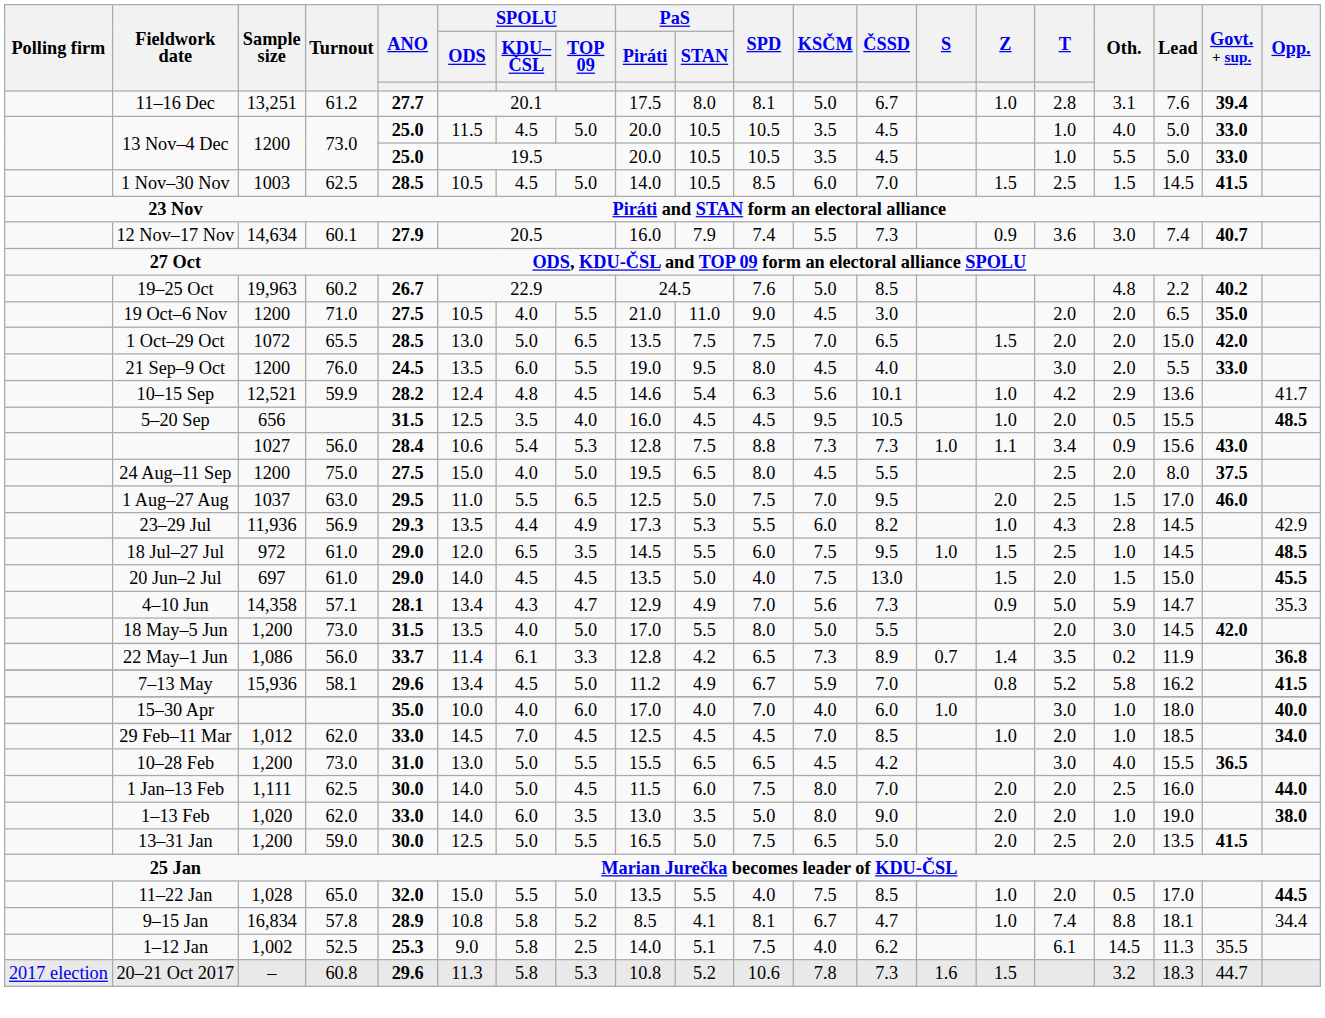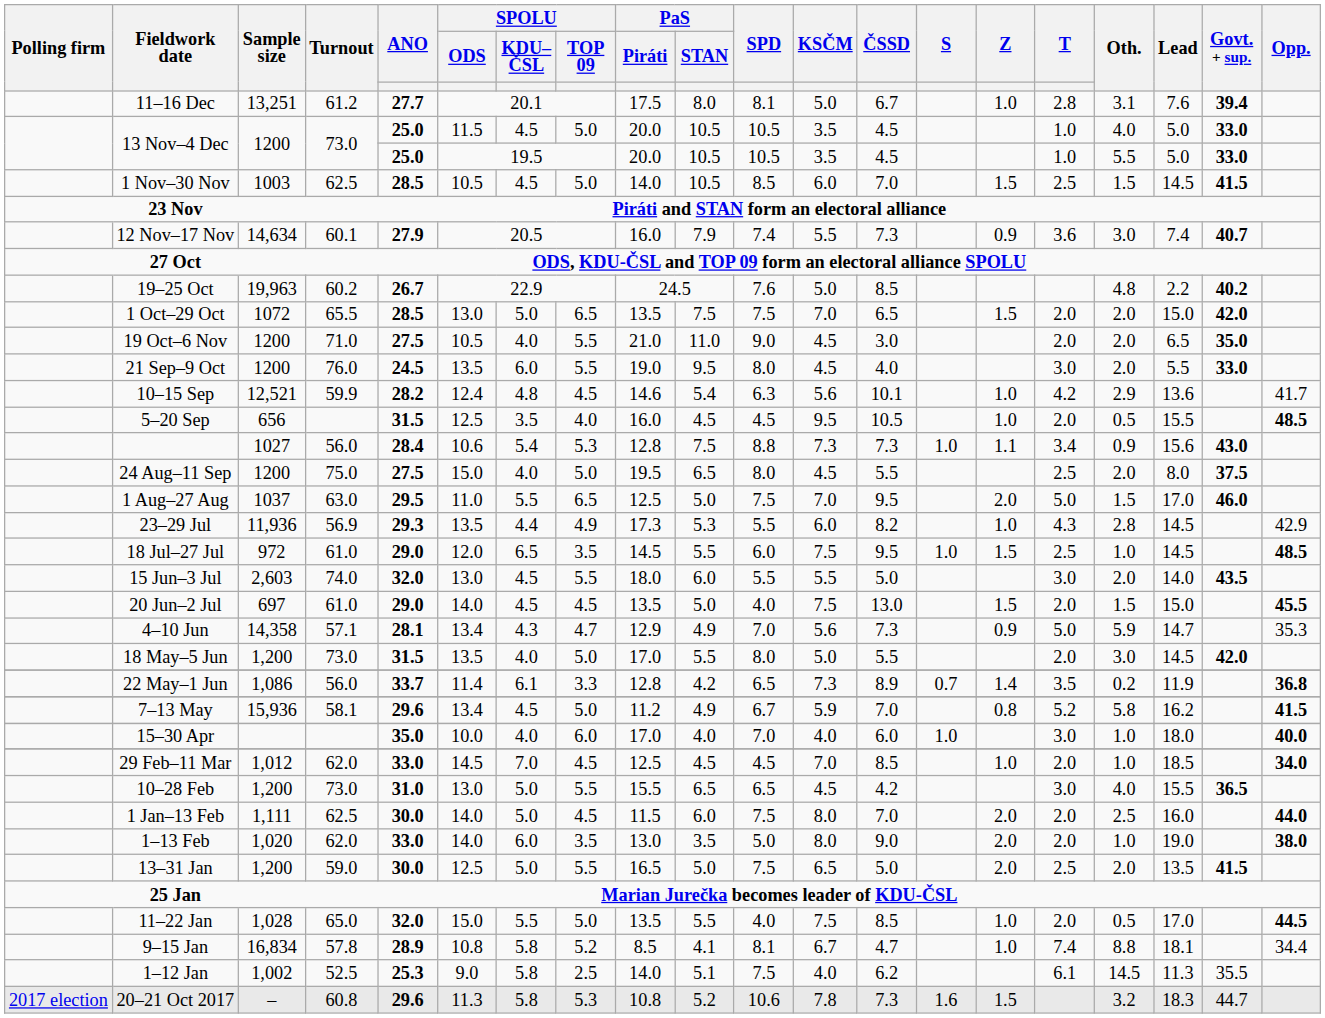 <table class="wikitable mw-collapsible sortable mw-collapsed" style="text-align:center;font-size:90%;line-height:14px;">
 <tr>
 <th rowspan="3">Polling firm</th>
 <th rowspan="3">Fieldwork<br>date</th>
 <th rowspan="3">Sample<br>size</th>
 <th rowspan="3">Turnout</th>
 <th rowspan="2" class="unsortable" style="width:40px;"><a href='#'>ANO</a></th>
 <th colspan="3" class="unsortable" style="width:40px;"><a href='#'>SPOLU</a></th>
 <th colspan="2" class="unsortable" style="width:40px;"><a href='#'>PaS</a></th>
 <th rowspan="2" class="unsortable" style="width:40px;"><a href='#'>SPD</a></th>
 <th rowspan="2" class="unsortable" style="width:40px;"><a href='#'>KSČM</a></th>
 <th rowspan="2" class="unsortable" style="width:40px;"><a href='#'>ČSSD</a></th>
 <th rowspan="2" class="unsortable" style="width:40px;"><a href='#'>S</a></th>
 <th rowspan="2" class="unsortable" style="width:40px;"><a href='#'>Z</a></th>
 <th rowspan="2" class="unsortable" style="width:40px;"><a href='#'>T</a></th>
 <th rowspan="3" style="width:40px;">Oth.</th>
 <th rowspan="3" style="width:25px;">Lead</th>
 <th rowspan="3" style="width:40px;"><a href='#'>Govt.</a><br><small>+ <a href='#'>sup.</a></small></th>
 <th rowspan="3" style="width:40px;"><a href='#'>Opp.</a></th>
 </tr>
 <tr style="height:40px;">
 <th class="unsortable" style="width:40px;"><a href='#'>ODS</a></th>
 <th class="unsortable" style="width:40px;"><a href='#'>KDU–<br>ČSL</a></th>
 <th class="unsortable" style="width:40px;"><a href='#'>TOP 09</a></th>
 <th class="unsortable" style="width:40px;"><a href='#'>Piráti</a></th>
 <th class="unsortable" style="width:40px;"><a href='#'>STAN</a></th>
 </tr>
 <tr>
 <th class="unsortable" style="color:inherit;background:"></th>
 <th class="unsortable" style="color:inherit;background:"></th>
 <th class="unsortable" style="color:inherit;background:"></th>
 <th class="unsortable" style="color:inherit;background:"></th>
 <th class="unsortable" style="color:inherit;background:"></th>
 <th class="unsortable" style="color:inherit;background:"></th>
 <th class="unsortable" style="color:inherit;background:"></th>
 <th class="unsortable" style="color:inherit;background:"></th>
 <th class="unsortable" style="color:inherit;background:"></th>
 <th class="unsortable" style="color:inherit;background:"></th>
 <th class="unsortable" style="color:inherit;background:"></th>
 <th class="unsortable" style="color:inherit;background:"></th>
 </tr>
 <tr>
 <td></td>
 <td data-sort-value="2020-12-11">11–16 Dec</td>
 <td>13,251</td>
 <td>61.2</td>
 <td><strong>27.7</strong></td>
 <td colspan="3">20.1</td>
 <td>17.5</td>
 <td>8.0</td>
 <td>8.1</td>
 <td>5.0</td>
 <td>6.7</td>
 <td></td>
 <td>1.0</td>
 <td>2.8</td>
 <td>3.1</td>
 <td style="background:">7.6</td>
 <td><strong>39.4</strong></td>
 <td></td>
 </tr>
 <tr>
 <td rowspan="2"></td>
 <td rowspan="2" data-sort-value="2020-10-28">13 Nov–4 Dec</td>
 <td rowspan="2">1200</td>
 <td rowspan="2">73.0</td>
 <td><strong>25.0</strong></td>
 <td>11.5</td>
 <td>4.5</td>
 <td>5.0</td>
 <td>20.0</td>
 <td>10.5</td>
 <td>10.5</td>
 <td>3.5</td>
 <td>4.5</td>
 <td></td>
 <td></td>
 <td>1.0</td>
 <td>4.0</td>
 <td style="background:">5.0</td>
 <td><strong>33.0</strong></td>
 <td></td>
 </tr>
 <tr>
 <td><strong>25.0</strong></td>
 <td colspan="3">19.5</td>
 <td>20.0</td>
 <td>10.5</td>
 <td>10.5</td>
 <td>3.5</td>
 <td>4.5</td>
 <td></td>
 <td></td>
 <td>1.0</td>
 <td>5.5</td>
 <td style="background:">5.0</td>
 <td><strong>33.0</strong></td>
 <td></td>
 </tr>
 <tr>
 <td></td>
 <td data-sort-value="2020-11-15">1 Nov–30 Nov</td>
 <td>1003</td>
 <td>62.5</td>
 <td><strong>28.5</strong></td>
 <td>10.5</td>
 <td>4.5</td>
 <td>5.0</td>
 <td>14.0</td>
 <td>10.5</td>
 <td>8.5</td>
 <td>6.0</td>
 <td>7.0</td>
 <td></td>
 <td>1.5</td>
 <td>2.5</td>
 <td>1.5</td>
 <td style="background:">14.5</td>
 <td><strong>41.5</strong></td>
 <td></td>
 </tr>
 <tr>
 <td style="border-right-style:hidden;"></td>
 <td style="border-right-style:hidden;" data-sort-value="2020-10-27"><strong>23 Nov</strong></td>
 <td colspan="18"><strong><a href='#'>Piráti</a> and <a href='#'>STAN</a> form an electoral alliance</strong></td>
 </tr>
 <tr>
 <td></td>
 <td data-sort-value="2020-11-14">12 Nov–17 Nov</td>
 <td>14,634</td>
 <td>60.1</td>
 <td><strong>27.9</strong></td>
 <td colspan="3">20.5</td>
 <td>16.0</td>
 <td>7.9</td>
 <td>7.4</td>
 <td>5.5</td>
 <td>7.3</td>
 <td></td>
 <td>0.9</td>
 <td>3.6</td>
 <td>3.0</td>
 <td style="background:">7.4</td>
 <td><strong>40.7</strong></td>
 <td></td>
 </tr>
 <tr>
 <td style="border-right-style:hidden;"></td>
 <td style="border-right-style:hidden;" data-sort-value="2020-10-27"><strong>27 Oct</strong></td>
 <td colspan="18"><strong><a href='#'>ODS</a>, <a href='#'>KDU-ČSL</a> and <a href='#'>TOP 09</a> form an electoral alliance <a href='#'>SPOLU</a></strong></td>
 </tr>
 <tr>
 <td></td>
 <td data-sort-value="2020-10-28">19–25 Oct</td>
 <td>19,963</td>
 <td>60.2</td>
 <td><strong>26.7</strong></td>
 <td colspan="3">22.9</td>
 <td colspan="2">24.5</td>
 <td>7.6</td>
 <td>5.0</td>
 <td>8.5</td>
 <td></td>
 <td></td>
 <td></td>
 <td>4.8</td>
 <td style="background:">2.2</td>
 <td><strong>40.2</strong></td>
 <td></td>
 </tr>
 <tr>
 <td></td>
+<td data-sort-value="2020-10-15">1 Oct–29 Oct</td>
+<td>1072</td>
+<td>65.5</td>
+<td><strong>28.5</strong></td>
+<td>13.0</td>
+<td>5.0</td>
+<td>6.5</td>
+<td>13.5</td>
+<td>7.5</td>
+<td>7.5</td>
+<td>7.0</td>
+<td>6.5</td>
+<td></td>
+<td>1.5</td>
+<td>2.0</td>
+<td>2.0</td>
+<td style="background:">15.0</td>
+<td><strong>42.0</strong></td>
+<td></td>
+</tr>
+<tr>
+<td></td>
 <td data-sort-value="2020-10-28">19 Oct–6 Nov</td>
 <td>1200</td>
 <td>71.0</td>
 <td><strong>27.5</strong></td>
 <td>10.5</td>
 <td>4.0</td>
 <td>5.5</td>
 <td>21.0</td>
 <td>11.0</td>
 <td>9.0</td>
 <td>4.5</td>
 <td>3.0</td>
 <td></td>
 <td></td>
 <td>2.0</td>
 <td>2.0</td>
 <td style="background:">6.5</td>
 <td><strong>35.0</strong></td>
-<td></td>
-</tr>
-<tr>
-<td></td>
-<td data-sort-value="2020-10-15">1 Oct–29 Oct</td>
-<td>1072</td>
-<td>65.5</td>
-<td><strong>28.5</strong></td>
-<td>13.0</td>
-<td>5.0</td>
-<td>6.5</td>
-<td>13.5</td>
-<td>7.5</td>
-<td>7.5</td>
-<td>7.0</td>
-<td>6.5</td>
-<td></td>
-<td>1.5</td>
-<td>2.0</td>
-<td>2.0</td>
-<td style="background:">15.0</td>
-<td><strong>42.0</strong></td>
 <td></td>
 </tr>
 <tr>
 <td></td>
 <td data-sort-value="2020-09-2">21 Sep–9 Oct</td>
 <td>1200</td>
 <td>76.0</td>
 <td><strong>24.5</strong></td>
 <td>13.5</td>
 <td>6.0</td>
 <td>5.5</td>
 <td>19.0</td>
 <td>9.5</td>
 <td>8.0</td>
 <td>4.5</td>
 <td>4.0</td>
 <td></td>
 <td></td>
 <td>3.0</td>
 <td>2.0</td>
 <td style="background:">5.5</td>
 <td><strong>33.0</strong></td>
 <td></td>
 </tr>
 <tr>
 <td></td>
 <td data-sort-value="2020-01-12">10–15 Sep</td>
 <td>12,521</td>
 <td>59.9</td>
 <td><strong>28.2</strong></td>
 <td>12.4</td>
 <td>4.8</td>
 <td>4.5</td>
 <td>14.6</td>
 <td>5.4</td>
 <td>6.3</td>
 <td>5.6</td>
 <td>10.1</td>
 <td></td>
 <td>1.0</td>
 <td>4.2</td>
 <td>2.9</td>
 <td style="background:">13.6</td>
 <td></td>
 <td>41.7</td>
 </tr>
 <tr>
 <td></td>
 <td data-sort-value="2020-09-20">5–20 Sep</td>
 <td>656</td>
 <td></td>
 <td><strong>31.5</strong></td>
 <td>12.5</td>
 <td>3.5</td>
 <td>4.0</td>
 <td>16.0</td>
 <td>4.5</td>
 <td>4.5</td>
 <td>9.5</td>
 <td>10.5</td>
 <td></td>
 <td>1.0</td>
 <td>2.0</td>
 <td>0.5</td>
 <td style="background:">15.5</td>
 <td></td>
 <td><strong>48.5</strong></td>
 </tr>
 <tr>
 <td></td>
 <td data-sort-value="2020-09-6"></td>
 <td>1027</td>
 <td>56.0</td>
 <td><strong>28.4</strong></td>
 <td>10.6</td>
 <td>5.4</td>
 <td>5.3</td>
 <td>12.8</td>
 <td>7.5</td>
 <td>8.8</td>
 <td>7.3</td>
 <td>7.3</td>
 <td>1.0</td>
 <td>1.1</td>
 <td>3.4</td>
 <td>0.9</td>
 <td style="background:">15.6</td>
 <td><strong>43.0</strong></td>
 <td></td>
 </tr>
 <tr>
 <td></td>
 <td data-sort-value="2020-09-2">24 Aug–11 Sep</td>
 <td>1200</td>
 <td>75.0</td>
 <td><strong>27.5</strong></td>
 <td>15.0</td>
 <td>4.0</td>
 <td>5.0</td>
 <td>19.5</td>
 <td>6.5</td>
 <td>8.0</td>
 <td>4.5</td>
 <td>5.5</td>
 <td></td>
 <td></td>
 <td>2.5</td>
 <td>2.0</td>
 <td style="background:">8.0</td>
 <td><strong>37.5</strong></td>
 <td></td>
 </tr>
 <tr>
 <td></td>
 <td data-sort-value="2020-08-27">1 Aug–27 Aug</td>
 <td>1037</td>
 <td>63.0</td>
 <td><strong>29.5</strong></td>
 <td>11.0</td>
 <td>5.5</td>
 <td>6.5</td>
 <td>12.5</td>
 <td>5.0</td>
 <td>7.5</td>
 <td>7.0</td>
 <td>9.5</td>
 <td></td>
 <td>2.0</td>
-<td>2.5</td>
+<td>5.0</td>
 <td>1.5</td>
 <td style="background:">17.0</td>
 <td><strong>46.0</strong></td>
 <td></td>
 </tr>
 <tr>
 <td></td>
 <td data-sort-value="2020-01-12">23–29 Jul</td>
 <td>11,936</td>
 <td>56.9</td>
 <td><strong>29.3</strong></td>
 <td>13.5</td>
 <td>4.4</td>
 <td>4.9</td>
 <td>17.3</td>
 <td>5.3</td>
 <td>5.5</td>
 <td>6.0</td>
 <td>8.2</td>
 <td></td>
 <td>1.0</td>
 <td>4.3</td>
 <td>2.8</td>
 <td style="background:">14.5</td>
 <td></td>
 <td>42.9</td>
 </tr>
 <tr>
 <td></td>
 <td data-sort-value="2020-07-27">18 Jul–27 Jul</td>
 <td>972</td>
 <td>61.0</td>
 <td><strong>29.0</strong></td>
 <td>12.0</td>
 <td>6.5</td>
 <td>3.5</td>
 <td>14.5</td>
 <td>5.5</td>
 <td>6.0</td>
 <td>7.5</td>
 <td>9.5</td>
 <td>1.0</td>
 <td>1.5</td>
 <td>2.5</td>
 <td>1.0</td>
 <td style="background:">14.5</td>
 <td></td>
 <td><strong>48.5</strong></td>
+</tr>
+<tr>
+<td></td>
+<td data-sort-value="2020-06-01">15 Jun–3 Jul</td>
+<td>2,603</td>
+<td>74.0</td>
+<td><strong>32.0</strong></td>
+<td>13.0</td>
+<td>4.5</td>
+<td>5.5</td>
+<td>18.0</td>
+<td>6.0</td>
+<td>5.5</td>
+<td>5.5</td>
+<td>5.0</td>
+<td></td>
+<td></td>
+<td>3.0</td>
+<td>2.0</td>
+<td style="background:">14.0</td>
+<td><strong>43.5</strong></td>
+<td></td>
 </tr>
 <tr>
 <td></td>
 <td data-sort-value="2020-03-11">20 Jun–2 Jul</td>
 <td>697</td>
 <td>61.0</td>
 <td><strong>29.0</strong></td>
 <td>14.0</td>
 <td>4.5</td>
 <td>4.5</td>
 <td>13.5</td>
 <td>5.0</td>
 <td>4.0</td>
 <td>7.5</td>
 <td>13.0</td>
 <td></td>
 <td>1.5</td>
 <td>2.0</td>
 <td>1.5</td>
 <td style="background:">15.0</td>
 <td></td>
 <td><strong>45.5</strong></td>
 </tr>
 <tr>
 <td></td>
 <td data-sort-value="2020-01-12">4–10 Jun</td>
 <td>14,358</td>
 <td>57.1</td>
 <td><strong>28.1</strong></td>
 <td>13.4</td>
 <td>4.3</td>
 <td>4.7</td>
 <td>12.9</td>
 <td>4.9</td>
 <td>7.0</td>
 <td>5.6</td>
 <td>7.3</td>
 <td></td>
 <td>0.9</td>
 <td>5.0</td>
 <td>5.9</td>
 <td style="background:">14.7</td>
 <td></td>
 <td>35.3</td>
 </tr>
 <tr>
 <td></td>
 <td data-sort-value="2020-06-01">18 May–5 Jun</td>
 <td>1,200</td>
 <td>73.0</td>
 <td><strong>31.5</strong></td>
 <td>13.5</td>
 <td>4.0</td>
 <td>5.0</td>
 <td>17.0</td>
 <td>5.5</td>
 <td>8.0</td>
 <td>5.0</td>
 <td>5.5</td>
 <td></td>
 <td></td>
 <td>2.0</td>
 <td>3.0</td>
 <td style="background:">14.5</td>
 <td><strong>42.0</strong></td>
 <td></td>
 </tr>
 <tr>
 </tr>
 <tr>
 <td></td>
 <td data-sort-value="2020-06-01">22 May–1 Jun</td>
 <td>1,086</td>
 <td>56.0</td>
 <td><strong>33.7</strong></td>
 <td>11.4</td>
 <td>6.1</td>
 <td>3.3</td>
 <td>12.8</td>
 <td>4.2</td>
 <td>6.5</td>
 <td>7.3</td>
 <td>8.9</td>
 <td>0.7</td>
 <td>1.4</td>
 <td>3.5</td>
 <td>0.2</td>
 <td style="background:">11.9</td>
 <td></td>
 <td><strong>36.8</strong></td>
 </tr>
 <tr>
 </tr>
 <tr>
 <td></td>
 <td data-sort-value="2020-05-13">7–13 May</td>
 <td>15,936</td>
 <td>58.1</td>
 <td><strong>29.6</strong></td>
 <td>13.4</td>
 <td>4.5</td>
 <td>5.0</td>
 <td>11.2</td>
 <td>4.9</td>
 <td>6.7</td>
 <td>5.9</td>
 <td>7.0</td>
 <td></td>
 <td>0.8</td>
 <td>5.2</td>
 <td>5.8</td>
 <td style="background:">16.2</td>
 <td></td>
 <td><strong>41.5</strong></td>
 </tr>
 <tr>
 </tr>
 <tr>
 <td></td>
 <td data-sort-value="2020-04-30">15–30 Apr</td>
 <td></td>
 <td></td>
 <td><strong>35.0</strong></td>
 <td>10.0</td>
 <td>4.0</td>
 <td>6.0</td>
 <td>17.0</td>
 <td>4.0</td>
 <td>7.0</td>
 <td>4.0</td>
 <td>6.0</td>
 <td>1.0</td>
 <td></td>
 <td>3.0</td>
 <td>1.0</td>
 <td style="background:">18.0</td>
 <td></td>
 <td><strong>40.0</strong></td>
 </tr>
 <tr>
 </tr>
 <tr>
 <td></td>
 <td data-sort-value="2020-03-11">29 Feb–11 Mar</td>
 <td>1,012</td>
 <td>62.0</td>
 <td><strong>33.0</strong></td>
 <td>14.5</td>
 <td>7.0</td>
 <td>4.5</td>
 <td>12.5</td>
 <td>4.5</td>
 <td>4.5</td>
 <td>7.0</td>
 <td>8.5</td>
 <td></td>
 <td>1.0</td>
 <td>2.0</td>
 <td>1.0</td>
 <td style="background:">18.5</td>
 <td></td>
 <td><strong>34.0</strong></td>
 </tr>
 <tr>
 <td></td>
 <td data-sort-value="2020-03-08">10–28 Feb</td>
 <td>1,200</td>
 <td>73.0</td>
 <td><strong>31.0</strong></td>
 <td>13.0</td>
 <td>5.0</td>
 <td>5.5</td>
 <td>15.5</td>
 <td>6.5</td>
 <td>6.5</td>
 <td>4.5</td>
 <td>4.2</td>
 <td></td>
 <td></td>
 <td>3.0</td>
 <td>4.0</td>
 <td style="background:">15.5</td>
 <td><strong>36.5</strong></td>
 <td></td>
 </tr>
 <tr>
 <td></td>
 <td data-sort-value="2020-02-18">1 Jan–13 Feb</td>
 <td>1,111</td>
 <td>62.5</td>
 <td><strong>30.0</strong></td>
 <td>14.0</td>
 <td>5.0</td>
 <td>4.5</td>
 <td>11.5</td>
 <td>6.0</td>
 <td>7.5</td>
 <td>8.0</td>
 <td>7.0</td>
 <td></td>
 <td>2.0</td>
 <td>2.0</td>
 <td>2.5</td>
 <td style="background:">16.0</td>
 <td></td>
 <td><strong>44.0</strong></td>
 </tr>
 <tr>
 <td></td>
 <td data-sort-value="2020-02-13">1–13 Feb</td>
 <td>1,020</td>
 <td>62.0</td>
 <td><strong>33.0</strong></td>
 <td>14.0</td>
 <td>6.0</td>
 <td>3.5</td>
 <td>13.0</td>
 <td>3.5</td>
 <td>5.0</td>
 <td>8.0</td>
 <td>9.0</td>
 <td></td>
 <td>2.0</td>
 <td>2.0</td>
 <td>1.0</td>
 <td style="background:">19.0</td>
 <td></td>
 <td><strong>38.0</strong></td>
 </tr>
 <tr>
 <td></td>
 <td data-sort-value="2020-01-31">13–31 Jan</td>
 <td>1,200</td>
 <td>59.0</td>
 <td><strong>30.0</strong></td>
 <td>12.5</td>
 <td>5.0</td>
 <td>5.5</td>
 <td>16.5</td>
 <td>5.0</td>
 <td>7.5</td>
 <td>6.5</td>
 <td>5.0</td>
 <td></td>
 <td>2.0</td>
 <td>2.5</td>
 <td>2.0</td>
 <td style="background:">13.5</td>
 <td><strong>41.5</strong></td>
 <td></td>
 </tr>
 <tr>
 <td style="border-right-style:hidden;"></td>
 <td style="border-right-style:hidden;" data-sort-value="2020-01-25"><strong>25 Jan</strong></td>
 <td colspan="18"><strong><a href='#'>Marian Jurečka</a> becomes leader of <a href='#'>KDU-ČSL</a></strong></td>
 </tr>
 <tr>
 <td></td>
 <td data-sort-value="2020-01-22">11–22 Jan</td>
 <td>1,028</td>
 <td>65.0</td>
 <td><strong>32.0</strong></td>
 <td>15.0</td>
 <td>5.5</td>
 <td>5.0</td>
 <td>13.5</td>
 <td>5.5</td>
 <td>4.0</td>
 <td>7.5</td>
 <td>8.5</td>
 <td></td>
 <td>1.0</td>
 <td>2.0</td>
 <td>0.5</td>
 <td style="background:">17.0</td>
 <td></td>
 <td><strong>44.5</strong></td>
 </tr>
 <tr>
 <td></td>
 <td data-sort-value="2020-01-12">9–15 Jan</td>
 <td>16,834</td>
 <td>57.8</td>
 <td><strong>28.9</strong></td>
 <td>10.8</td>
 <td>5.8</td>
 <td>5.2</td>
 <td>8.5</td>
 <td>4.1</td>
 <td>8.1</td>
 <td>6.7</td>
 <td>4.7</td>
 <td></td>
 <td>1.0</td>
 <td>7.4</td>
 <td>8.8</td>
 <td style="background:">18.1</td>
 <td></td>
 <td>34.4</td>
 </tr>
 <tr>
 <td></td>
 <td data-sort-value="2020-01-12">1–12 Jan</td>
 <td>1,002</td>
 <td>52.5</td>
 <td><strong>25.3</strong></td>
 <td>9.0</td>
 <td>5.8</td>
 <td>2.5</td>
 <td>14.0</td>
 <td>5.1</td>
 <td>7.5</td>
 <td>4.0</td>
 <td>6.2</td>
 <td></td>
 <td></td>
 <td>6.1</td>
 <td>14.5</td>
 <td style="background:">11.3</td>
 <td>35.5</td>
 <td></td>
 </tr>
 <tr style="background:#E9E9E9;">
 <td><a href='#'>2017 election</a></td>
 <td data-sort-value="2017-10-21">20–21 Oct 2017</td>
 <td>–</td>
 <td>60.8</td>
 <td><strong>29.6</strong></td>
 <td>11.3</td>
 <td>5.8</td>
 <td>5.3</td>
 <td>10.8</td>
 <td>5.2</td>
 <td>10.6</td>
 <td>7.8</td>
 <td>7.3</td>
 <td>1.6</td>
 <td>1.5</td>
 <td></td>
 <td>3.2</td>
 <td style="background:">18.3</td>
 <td>44.7</td>
 <td></td>
 </tr>
 </table>
